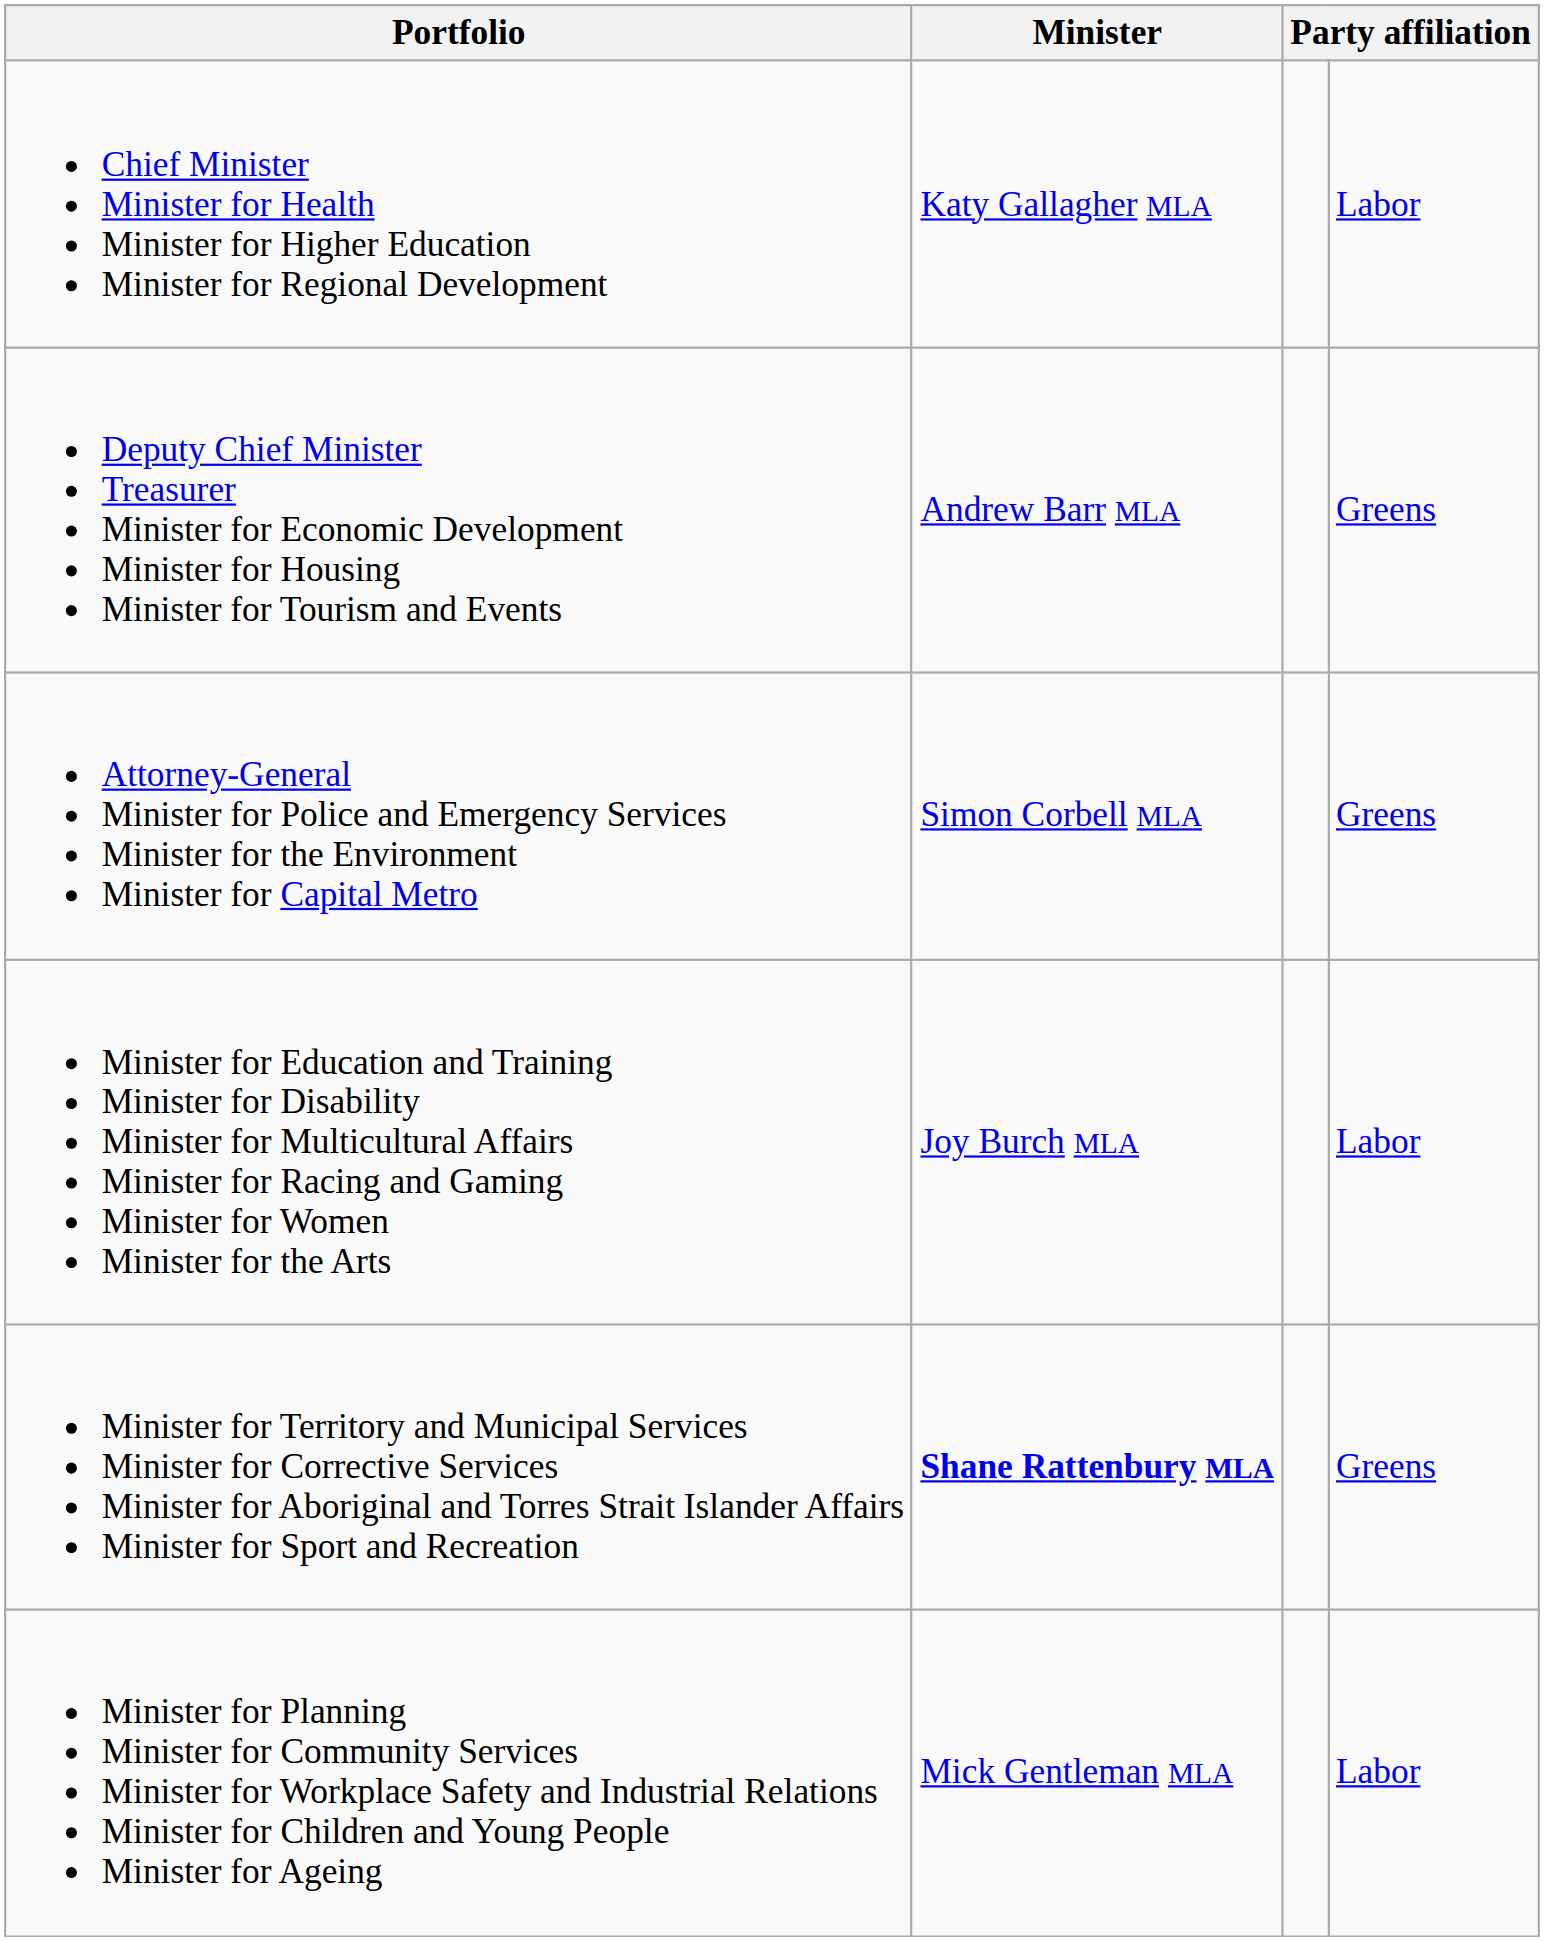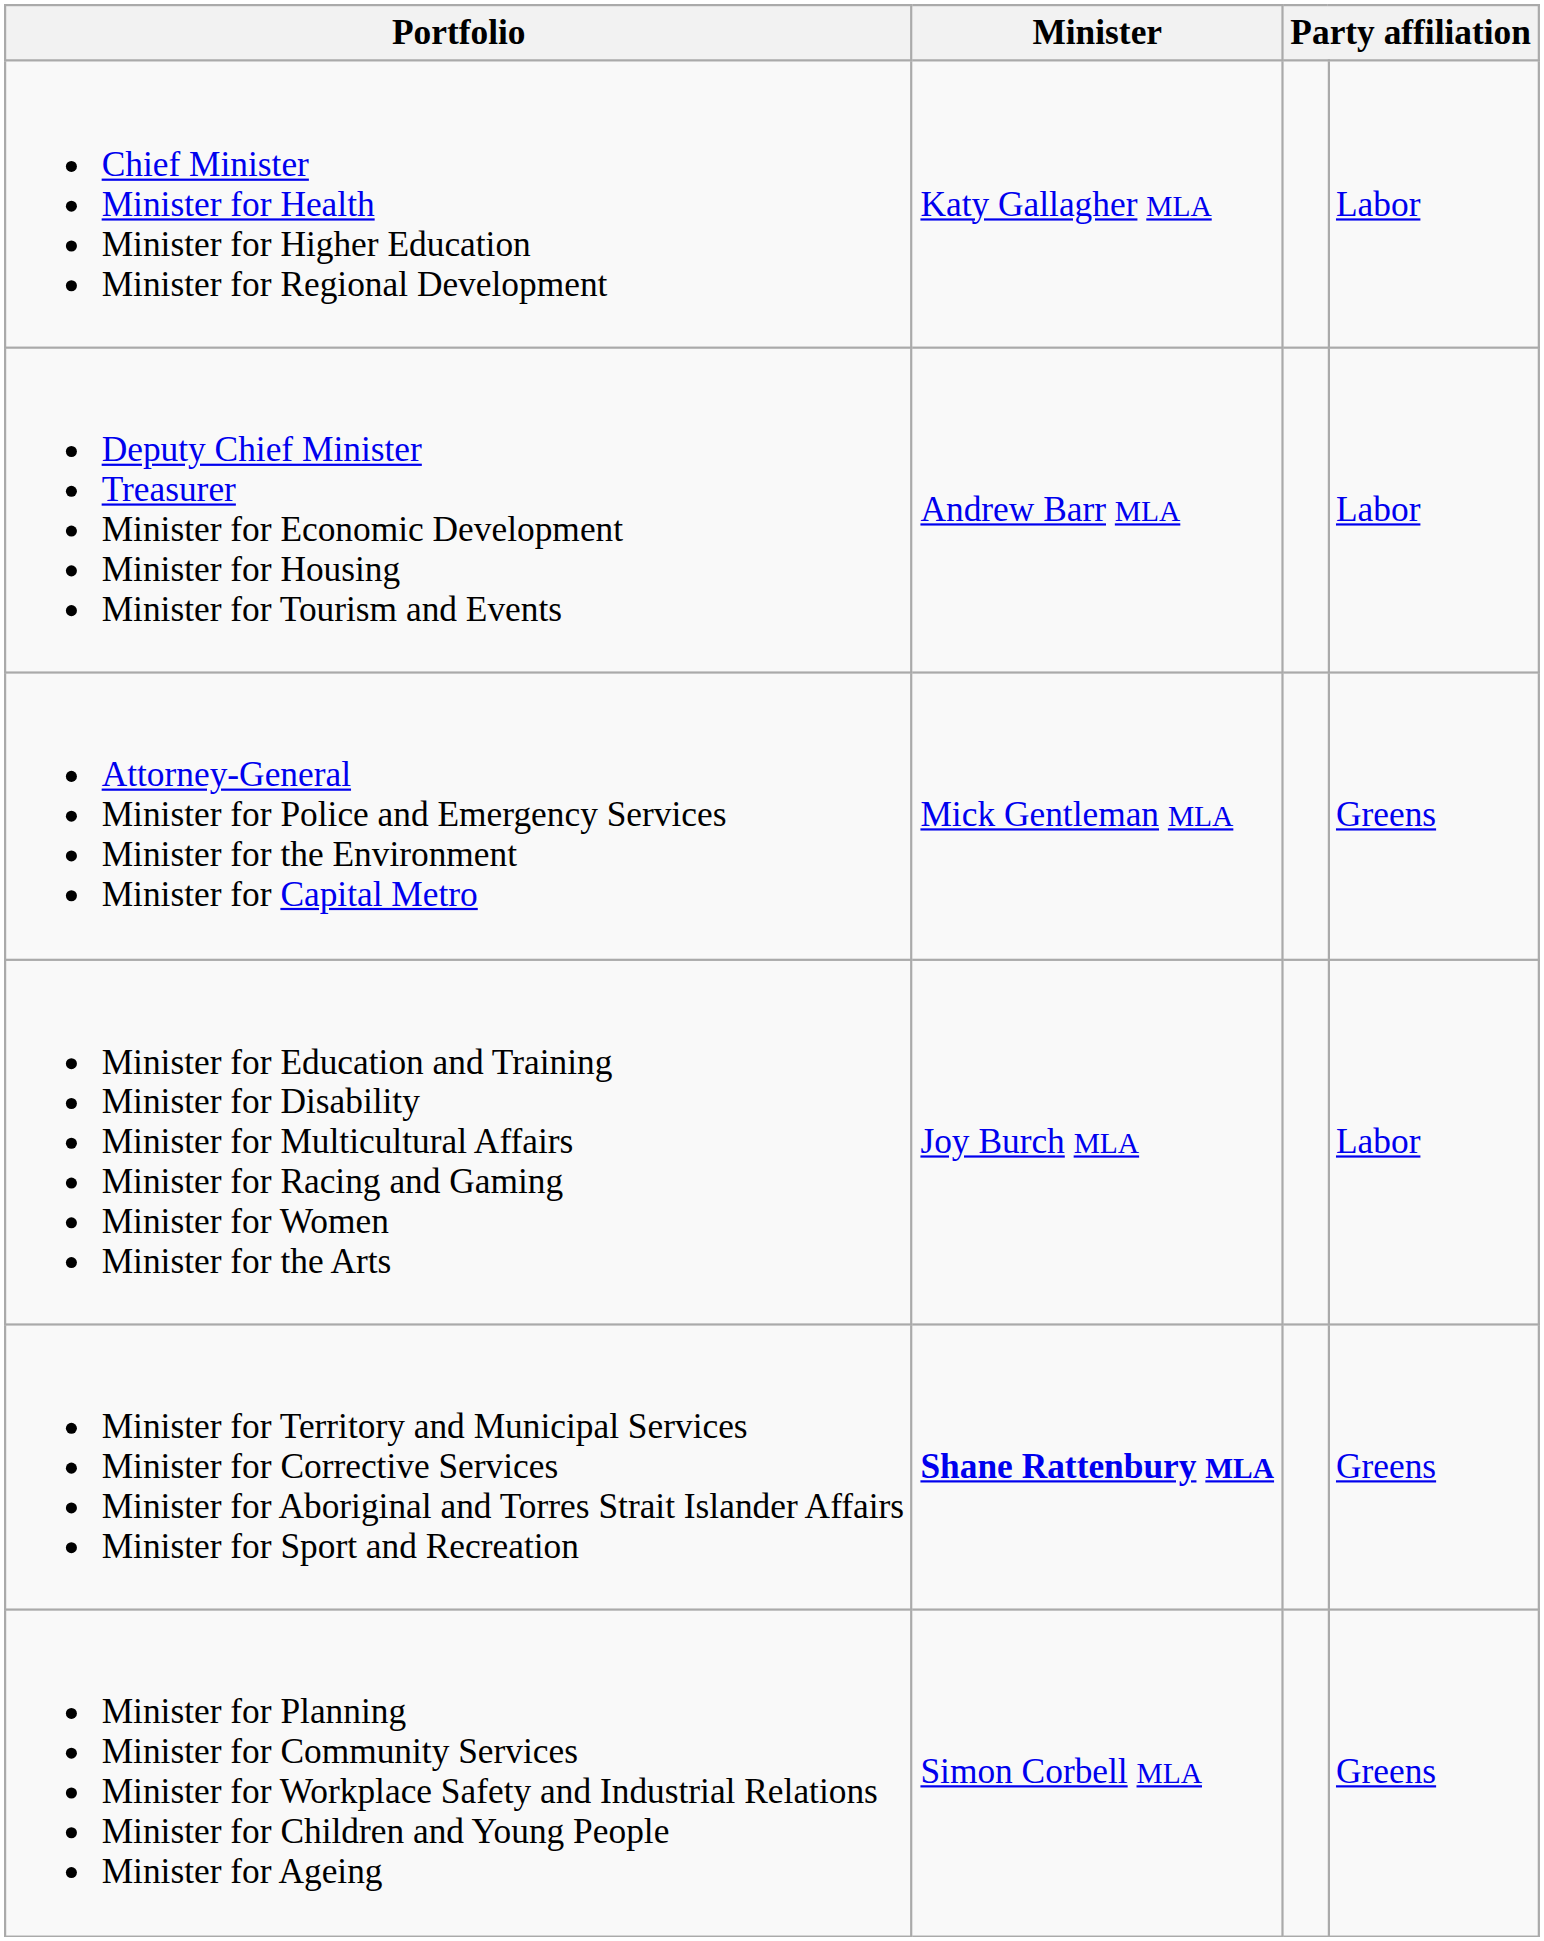 <table class="wikitable">
 <tr>
 <th>Portfolio</th>
 <th>Minister</th>
 <th colspan=2>Party affiliation</th>
 </tr>
 <tr>
 <td><br><ul><li><a href='#'>Chief Minister</a></li><li><a href='#'>Minister for Health</a></li><li>Minister for Higher Education</li><li>Minister for Regional Development</li></ul></td>
 <td><a href='#'>Katy Gallagher</a> <small><a href='#'>MLA</a></small></td>
 <td> </td>
 <td><a href='#'>Labor</a></td>
 </tr>
 <tr>
 <td><br><ul><li><a href='#'>Deputy Chief Minister</a></li><li><a href='#'>Treasurer</a></li><li>Minister for Economic Development</li><li>Minister for Housing</li><li>Minister for Tourism and Events</li></ul></td>
 <td><a href='#'>Andrew Barr</a> <small><a href='#'>MLA</a></small></td>
 <td> </td>
-<td><a href='#'>Greens</a></td>
+<td><a href='#'>Labor</a></td>
 </tr>
 <tr>
 <td><br><ul><li><a href='#'>Attorney-General</a></li><li>Minister for Police and Emergency Services</li><li>Minister for the Environment</li><li>Minister for <a href='#'>Capital Metro</a></li></ul></td>
-<td><a href='#'>Simon Corbell</a> <small><a href='#'>MLA</a></small></td>
+<td><a href='#'>Mick Gentleman</a> <small><a href='#'>MLA</a></small></td>
 <td> </td>
 <td><a href='#'>Greens</a></td>
 </tr>
 <tr>
 <td><br><ul><li>Minister for Education and Training</li><li>Minister for Disability</li><li>Minister for Multicultural Affairs</li><li>Minister for Racing and Gaming</li><li>Minister for Women</li><li>Minister for the Arts</li></ul></td>
 <td><a href='#'>Joy Burch</a> <small><a href='#'>MLA</a></small></td>
 <td> </td>
 <td><a href='#'>Labor</a></td>
 </tr>
 <tr>
 <td><br><ul><li>Minister for Territory and Municipal Services</li><li>Minister for Corrective Services</li><li>Minister for Aboriginal and Torres Strait Islander Affairs</li><li>Minister for Sport and Recreation</li></ul></td>
 <td><strong><a href='#'>Shane Rattenbury</a> <small><a href='#'>MLA</a></small></strong></td>
 <td> </td>
 <td><a href='#'>Greens</a></td>
 </tr>
 <tr>
 <td><br><ul><li>Minister for Planning</li><li>Minister for Community Services</li><li>Minister for Workplace Safety and Industrial Relations</li><li>Minister for Children and Young People</li><li>Minister for Ageing</li></ul></td>
-<td><a href='#'>Mick Gentleman</a> <small><a href='#'>MLA</a></small></td>
+<td><a href='#'>Simon Corbell</a> <small><a href='#'>MLA</a></small></td>
 <td> </td>
-<td><a href='#'>Labor</a></td>
+<td><a href='#'>Greens</a></td>
 </tr>
 </table>
